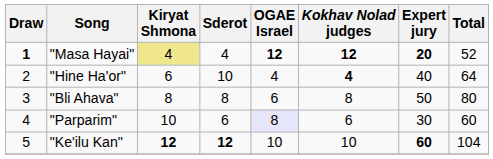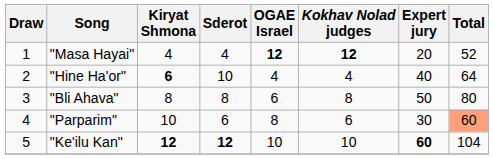 <table class="wikitable mw-collapsible collapsible" style="margin: 1em auto 1em auto; text-align:center;">
 <tr>
 <th>Draw</th>
 <th>Song</th>
 <th>Kiryat<br>Shmona</th>
 <th>Sderot</th>
 <th>OGAE<br>Israel</th>
 <th><em>Kokhav Nolad</em><br>judges</th>
 <th>Expert<br>jury</th>
 <th>Total</th>
 </tr>
 <tr>
-<td><strong>1</strong></td>
+<td>1</td>
 <td align="left">"Masa Hayai"</td>
-<td style="background: khaki;">4</td>
+<td>4</td>
 <td>4</td>
 <td><strong>12</strong></td>
 <td><strong>12</strong></td>
-<td><strong>20</strong></td>
+<td>20</td>
 <td>52</td>
 </tr>
 <tr>
 <td>2</td>
 <td align="left">"Hine Ha'or"</td>
-<td>6</td>
+<td><strong>6</strong></td>
 <td>10</td>
 <td>4</td>
-<td><strong>4</strong></td>
+<td>4</td>
 <td>40</td>
 <td>64</td>
 </tr>
 <tr>
 <td>3</td>
 <td align="left">"Bli Ahava"</td>
 <td>8</td>
 <td>8</td>
 <td>6</td>
 <td>8</td>
 <td>50</td>
 <td>80</td>
 </tr>
 <tr>
 <td>4</td>
 <td align="left">"Parparim"</td>
 <td>10</td>
 <td>6</td>
-<td style="background: lavender;">8</td>
+<td>8</td>
 <td>6</td>
 <td>30</td>
-<td>60</td>
+<td style="background: lightsalmon;">60</td>
 </tr>
 <tr>
 <td>5</td>
 <td align="left">"Ke'ilu Kan"</td>
 <td><strong>12</strong></td>
 <td><strong>12</strong></td>
 <td>10</td>
 <td>10</td>
 <td><strong>60</strong></td>
 <td>104</td>
 </tr>
 <tr>
 </tr>
 </table>
